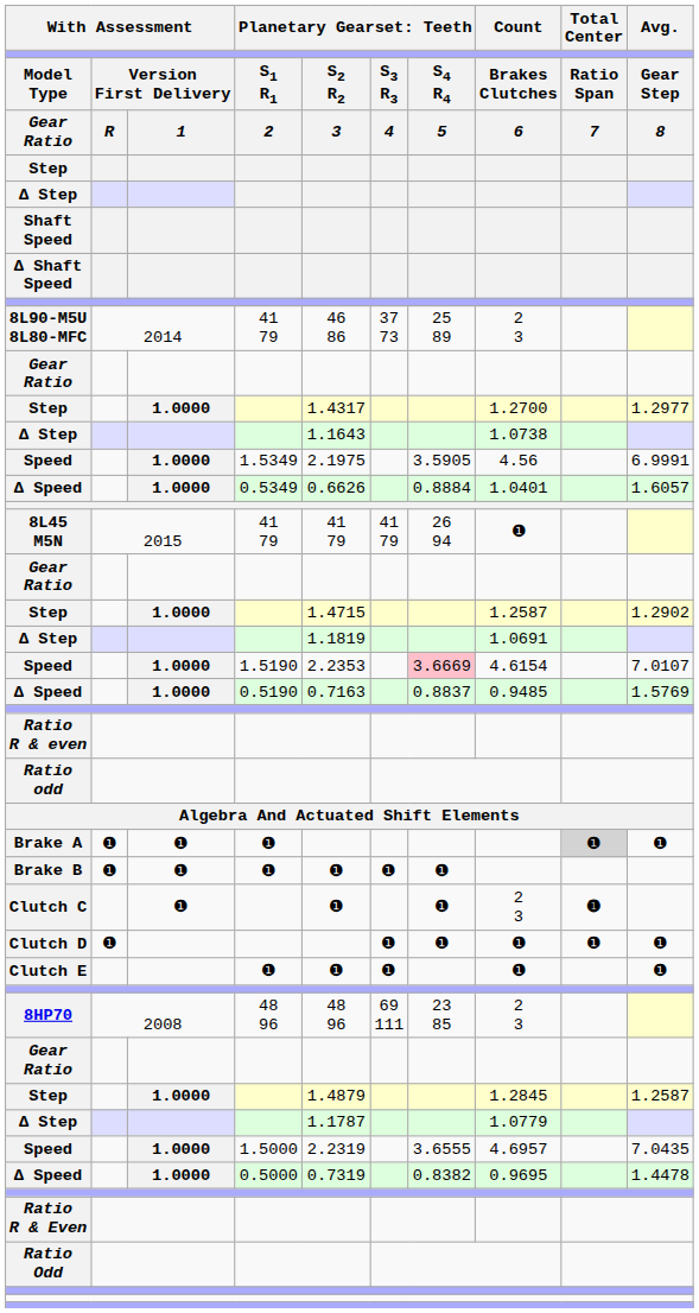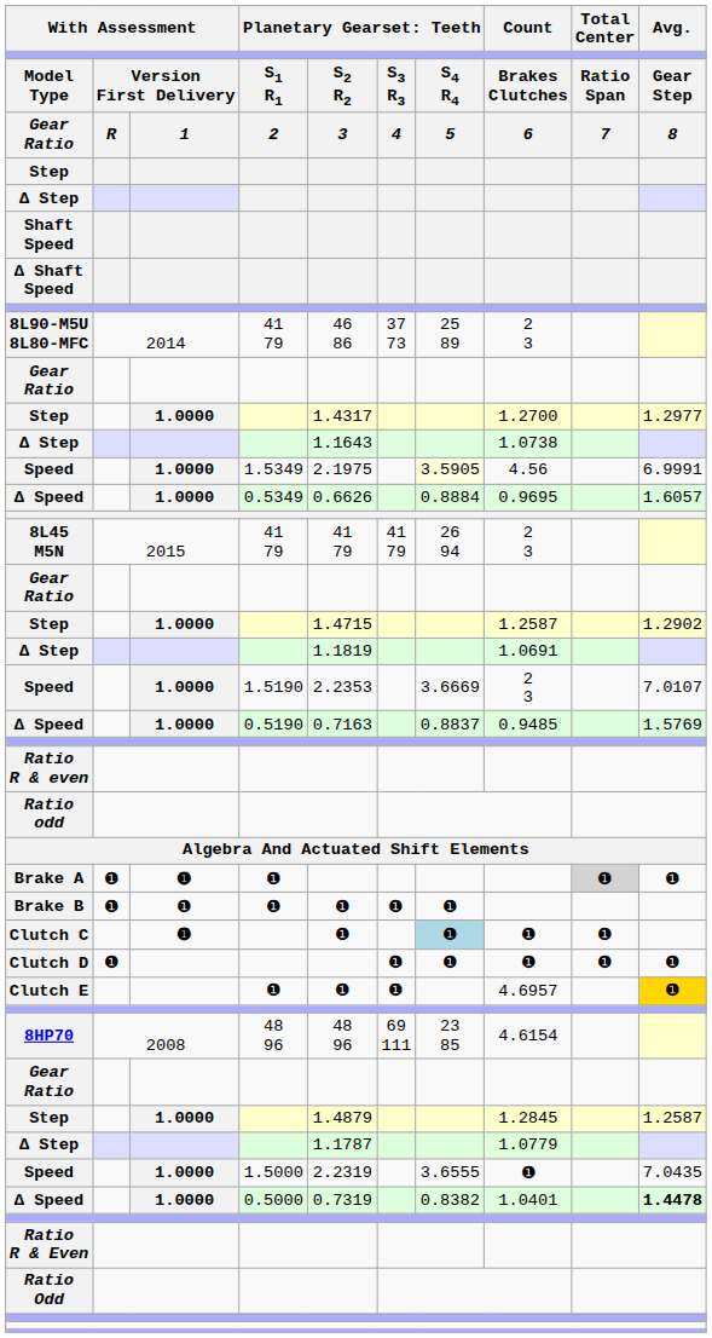 <table class="wikitable collapsible" style="text-align:center">
 <tr>
 <th colspan="3">With Assessment</th>
 <th colspan="4">Planetary Gearset: Teeth</th>
 <th>Count</th>
 <th>Total<br>Center</th>
 <th>Avg.</th>
 </tr>
 <tr>
 <td colspan="10" style="background:#AAF;"></td>
 </tr>
 <tr>
 <th>Model<br>Type</th>
 <th colspan=2>Version<br>First Delivery</th>
 <th>S<sub>1</sub><br>R<sub>1</sub></th>
 <th>S<sub>2</sub><br>R<sub>2</sub></th>
 <th>S<sub>3</sub><br>R<sub>3</sub></th>
 <th>S<sub>4</sub><br>R<sub>4</sub></th>
 <th>Brakes<br>Clutches</th>
 <th>Ratio<br>Span</th>
 <th>Gear<br>Step</th>
 </tr>
 <tr style="font-style:italic;">
 <th>Gear<br>Ratio</th>
 <th>R<br></th>
 <th>1<br></th>
 <th>2<br></th>
 <th>3<br></th>
 <th>4<br></th>
 <th>5<br></th>
 <th>6<br></th>
 <th>7<br></th>
 <th>8<br></th>
 </tr>
 <tr>
 <th>Step</th>
 <th></th>
 <th></th>
 <th></th>
 <th></th>
 <th></th>
 <th></th>
 <th></th>
 <th></th>
 <th></th>
 </tr>
 <tr>
 <th>Δ Step</th>
 <th style="background:#DDF;"></th>
 <th style="background:#DDF;"></th>
 <th></th>
 <th></th>
 <th></th>
 <th></th>
 <th></th>
 <th></th>
 <th style="background:#DDF;"></th>
 </tr>
 <tr>
 <th>Shaft<br>Speed</th>
 <th></th>
 <th></th>
 <th></th>
 <th></th>
 <th></th>
 <th></th>
 <th></th>
 <th></th>
 <th></th>
 </tr>
 <tr>
 <th>Δ Shaft<br>Speed</th>
 <th></th>
 <th></th>
 <th></th>
 <th></th>
 <th></th>
 <th></th>
 <th></th>
 <th></th>
 <th></th>
 </tr>
 <tr>
 <td colspan="10" style="background:#AAF;"></td>
 </tr>
 <tr>
 </tr>
 <tr>
 <th>8L90-M5U<br>8L80-MFC</th>
 <td colspan=2><br>2014</td>
 <td>41<br>79</td>
 <td>46<br>86</td>
 <td>37<br>73</td>
 <td>25<br>89</td>
 <td>2<br>3</td>
 <td><br></td>
 <td style="background:#FFC;"></td>
 </tr>
 <tr style="font-style:italic;">
 <th>Gear<br>Ratio</th>
 <td></td>
 <td><br></td>
 <td></td>
 <td><br></td>
 <td></td>
 <td></td>
 <td><br></td>
 <td></td>
 <td><br></td>
 </tr>
 <tr>
 <th>Step</th>
 <td></td>
 <th>1.0000</th>
 <td style="background:#FFC;"></td>
 <td style="background:#FFC;">1.4317</td>
 <td style="background:#FFC;"></td>
 <td style="background:#FFC;"></td>
 <td style="background:#FFC;">1.2700</td>
 <td style="background:#FFC;"></td>
 <td style="background:#FFC;">1.2977</td>
 </tr>
 <tr>
 <th>Δ Step</th>
 <td style="background:#DDF;"></td>
 <td style="background:#DDF;"></td>
 <td style="background:#DFD;"></td>
 <td style="background:#DFD;">1.1643</td>
 <td style="background:#DFD;"></td>
 <td style="background:#DFD;"></td>
 <td style="background:#DFD;">1.0738</td>
 <td style="background:#DFD;"></td>
 <td style="background:#DDF;"></td>
 </tr>
 <tr>
 <th>Speed</th>
 <td></td>
 <th>1.0000</th>
 <td>1.5349</td>
 <td>2.1975</td>
 <td></td>
-<td>3.5905</td>
+<td style="background: lightyellow;">3.5905</td>
 <td>4.56</td>
 <td></td>
 <td>6.9991</td>
 </tr>
 <tr>
 <th>Δ Speed</th>
 <td></td>
 <th>1.0000</th>
 <td style="background:#DFD;">0.5349</td>
 <td style="background:#DFD;">0.6626</td>
 <td style="background:#DFD;"></td>
 <td style="background:#DFD;">0.8884</td>
-<td style="background:#DFD;">1.0401</td>
+<td style="background:#DFD;">0.9695</td>
 <td style="background:#DFD;"></td>
 <td style="background:#DFD;">1.6057</td>
 </tr>
 <tr>
 <th colspan="10"></th>
 </tr>
 <tr>
 <th>8L45<br>M5N</th>
 <td colspan=2><br>2015</td>
 <td>41<br>79</td>
 <td>41<br>79</td>
 <td>41<br>79</td>
 <td>26<br>94</td>
-<td>❶</td>
+<td>2<br>3</td>
 <td><br></td>
 <td style="background:#FFC;"></td>
 </tr>
 <tr style="font-style:italic;">
 <th>Gear<br>Ratio</th>
 <td></td>
 <td><br></td>
 <td></td>
 <td><br></td>
 <td></td>
 <td></td>
 <td><br></td>
 <td></td>
 <td><br></td>
 </tr>
 <tr>
 <th>Step</th>
 <td></td>
 <th>1.0000</th>
 <td style="background:#FFC;"></td>
 <td style="background:#FFC;">1.4715</td>
 <td style="background:#FFC;"></td>
 <td style="background:#FFC;"></td>
 <td style="background:#FFC;">1.2587</td>
 <td style="background:#FFC;"></td>
 <td style="background:#FFC;">1.2902</td>
 </tr>
 <tr>
 <th>Δ Step</th>
 <td style="background:#DDF;"></td>
 <td style="background:#DDF;"></td>
 <td style="background:#DFD;"></td>
 <td style="background:#DFD;">1.1819</td>
 <td style="background:#DFD;"></td>
 <td style="background:#DFD;"></td>
 <td style="background:#DFD;">1.0691</td>
 <td style="background:#DFD;"></td>
 <td style="background:#DDF;"></td>
 </tr>
 <tr>
 <th>Speed</th>
 <td></td>
 <th>1.0000</th>
 <td>1.5190</td>
 <td>2.2353</td>
 <td></td>
-<td style="background: pink;">3.6669</td>
-<td>4.6154</td>
+<td>3.6669</td>
+<td>2<br>3</td>
 <td></td>
 <td>7.0107</td>
 </tr>
 <tr>
 <th>Δ Speed</th>
 <td></td>
 <th>1.0000</th>
 <td style="background:#DFD;">0.5190</td>
 <td style="background:#DFD;">0.7163</td>
 <td style="background:#DFD;"></td>
 <td style="background:#DFD;">0.8837</td>
 <td style="background:#DFD;">0.9485</td>
 <td style="background:#DFD;"></td>
 <td style="background:#DFD;">1.5769</td>
 </tr>
 <tr>
 <td colspan=10 style="background:#AAF;"></td>
 </tr>
 <tr>
 <th><em>Ratio</em><br><em>R & even</em></th>
 <td colspan=2></td>
 <td colspan=2></td>
 <td colspan=2></td>
 <td></td>
 <td colspan=2></td>
 </tr>
 <tr>
 <th><em>Ratio</em><br><em>odd</em></th>
 <td colspan=2></td>
 <td colspan=2></td>
 <td colspan=3></td>
 <td colspan=2></td>
 </tr>
 <tr>
 <th colspan=10>Algebra And Actuated Shift Elements</th>
 </tr>
 <tr>
 <th>Brake A</th>
 <td>❶</td>
-<td>❶</td>
+<td><strong>❶</strong></td>
 <td>❶</td>
 <td></td>
 <td></td>
 <td></td>
 <td></td>
 <td style="background: lightgrey;">❶</td>
 <td>❶</td>
 </tr>
 <tr>
 <th>Brake B</th>
 <td>❶</td>
 <td>❶</td>
 <td>❶</td>
 <td>❶</td>
 <td>❶</td>
 <td>❶</td>
 <td></td>
 <td></td>
 <td></td>
 </tr>
 <tr>
 <th>Clutch C</th>
 <td></td>
-<td>❶</td>
+<td><strong>❶</strong></td>
 <td></td>
 <td>❶</td>
 <td></td>
+<td style="background: lightblue;">❶</td>
 <td>❶</td>
-<td>2<br>3</td>
-<td><strong>❶</strong></td>
+<td>❶</td>
 <td></td>
 </tr>
 <tr>
 <th>Clutch D</th>
 <td>❶</td>
 <td></td>
 <td></td>
 <td></td>
 <td>❶</td>
 <td>❶</td>
 <td>❶</td>
 <td>❶</td>
 <td>❶</td>
 </tr>
 <tr>
 <th>Clutch E</th>
 <td></td>
 <td></td>
 <td>❶</td>
 <td>❶</td>
 <td>❶</td>
 <td></td>
-<td>❶</td>
+<td>4.6957</td>
 <td></td>
-<td>❶</td>
+<td style="background: gold;">❶</td>
 </tr>
 <tr>
 <td colspan=11 style="background:#AAF;"></td>
 </tr>
 <tr>
 <th><a href='#'>8HP70</a><br></th>
 <td colspan=2><br>2008</td>
 <td>48<br>96</td>
 <td>48<br>96</td>
 <td>69<br>111</td>
 <td>23<br>85</td>
-<td>2<br>3</td>
+<td>4.6154</td>
 <td><br></td>
 <td style="background:#FFC;"></td>
 </tr>
 <tr style="font-style:italic;">
 <th>Gear<br>Ratio</th>
 <td></td>
 <td><br></td>
 <td></td>
 <td><br></td>
 <td></td>
 <td></td>
 <td><br></td>
 <td></td>
 <td><br></td>
 </tr>
 <tr>
 <th>Step</th>
 <td></td>
 <th>1.0000</th>
 <td style="background:#FFC;"></td>
 <td style="background:#FFC;">1.4879</td>
 <td style="background:#FFC;"></td>
 <td style="background:#FFC;"></td>
 <td style="background:#FFC;">1.2845</td>
 <td style="background:#FFC;"></td>
 <td style="background:#FFC;">1.2587</td>
 </tr>
 <tr>
 <th>Δ Step</th>
 <td style="background:#DDF;"></td>
 <td style="background:#DDF;"></td>
 <td style="background:#DFD;"></td>
 <td style="background:#DFD;">1.1787</td>
 <td style="background:#DFD;"></td>
 <td style="background:#DFD;"></td>
 <td style="background:#DFD;">1.0779</td>
 <td style="background:#DFD;"></td>
 <td style="background:#DDF;"></td>
 </tr>
 <tr>
 <th>Speed</th>
 <td></td>
 <th>1.0000</th>
 <td>1.5000</td>
 <td>2.2319</td>
 <td></td>
 <td>3.6555</td>
-<td>4.6957</td>
+<td>❶</td>
 <td></td>
 <td>7.0435</td>
 </tr>
 <tr>
 <th>Δ Speed</th>
 <td></td>
 <th>1.0000</th>
 <td style="background:#DFD;">0.5000</td>
 <td style="background:#DFD;">0.7319</td>
 <td style="background:#DFD;"></td>
 <td style="background:#DFD;">0.8382</td>
-<td style="background:#DFD;">0.9695</td>
+<td style="background:#DFD;">1.0401</td>
 <td style="background:#DFD;"></td>
-<td style="background:#DFD;">1.4478</td>
+<td style="background:#DFD;"><strong>1.4478</strong></td>
 </tr>
 <tr>
 <td colspan=10 style="background:#AAF;"></td>
 </tr>
 <tr>
 <th><em>Ratio</em><br><em>R & Even</em></th>
 <td colspan=2></td>
 <td colspan=2></td>
 <td colspan=2></td>
 <td></td>
 <td colspan=2></td>
 </tr>
 <tr>
 <th><em>Ratio</em><br><em>Odd</em></th>
 <td colspan=2></td>
 <td colspan=2></td>
 <td colspan=3></td>
 <td colspan=2></td>
 </tr>
 <tr>
 <td colspan="10" style="background:#AAF;"></td>
 </tr>
 <tr>
 <td colspan="10"></td>
 </tr>
 <tr>
 <td colspan="10" style="background:#AAF;"></td>
 </tr>
 </table>
